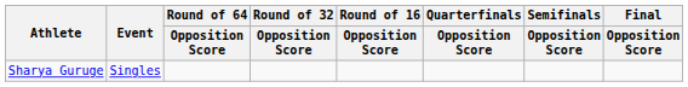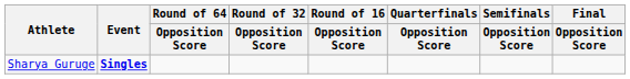 <table class=wikitable style="font-size:90%">
 <tr>
 <th rowspan="2">Athlete</th>
 <th rowspan="2">Event</th>
 <th>Round of 64</th>
 <th>Round of 32</th>
 <th>Round of 16</th>
 <th>Quarterfinals</th>
 <th>Semifinals</th>
 <th>Final</th>
 </tr>
 <tr>
 <th>Opposition<br>Score</th>
 <th>Opposition<br>Score</th>
 <th>Opposition<br>Score</th>
 <th>Opposition<br>Score</th>
 <th>Opposition<br>Score</th>
 <th>Opposition<br>Score</th>
 </tr>
 <tr>
 <td><a href='#'>Sharya Guruge</a></td>
-<td><a href='#'>Singles</a></td>
+<td><strong><a href='#'>Singles</a></strong></td>
 <td align=center></td>
 <td align=center></td>
 <td align=center></td>
 <td align=center></td>
 <td align=center></td>
 <td align=center></td>
 </tr>
 </table>
